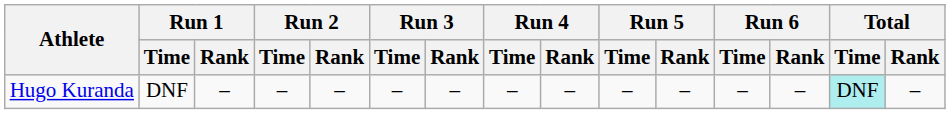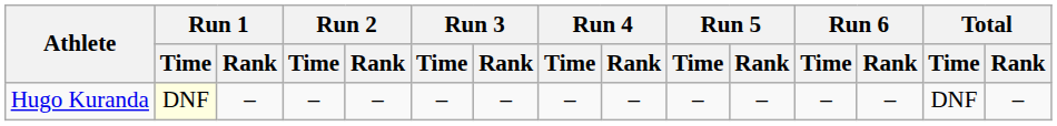 <table class="wikitable" border="1" style="font-size:90%">
 <tr>
 <th rowspan="2">Athlete</th>
 <th colspan="2">Run 1</th>
 <th colspan="2">Run 2</th>
 <th colspan="2">Run 3</th>
 <th colspan="2">Run 4</th>
 <th colspan="2">Run 5</th>
 <th colspan="2">Run 6</th>
 <th colspan="2">Total</th>
 </tr>
 <tr>
 <th>Time</th>
 <th>Rank</th>
 <th>Time</th>
 <th>Rank</th>
 <th>Time</th>
 <th>Rank</th>
 <th>Time</th>
 <th>Rank</th>
 <th>Time</th>
 <th>Rank</th>
 <th>Time</th>
 <th>Rank</th>
 <th>Time</th>
 <th>Rank</th>
 </tr>
 <tr>
 <td><a href='#'>Hugo Kuranda</a></td>
-<td align="center">DNF</td>
+<td align="center" style="background: lightyellow;">DNF</td>
 <td align="center">–</td>
 <td align="center">–</td>
 <td align="center">–</td>
 <td align="center">–</td>
 <td align="center">–</td>
 <td align="center">–</td>
 <td align="center">–</td>
 <td align="center">–</td>
 <td align="center">–</td>
 <td align="center">–</td>
 <td align="center">–</td>
-<td align="center" style="background: paleturquoise;">DNF</td>
+<td align="center">DNF</td>
 <td align="center">–</td>
 </tr>
 </table>
